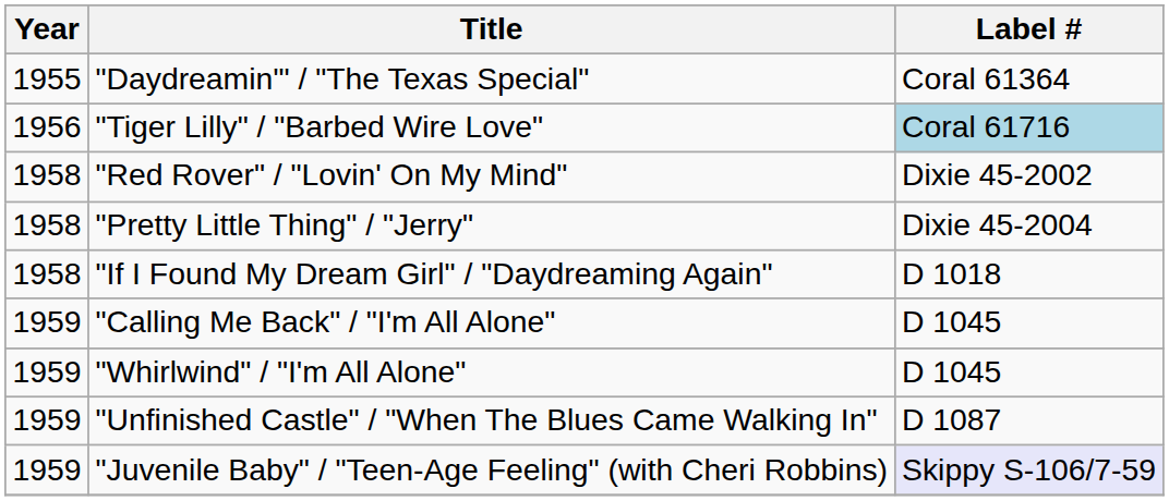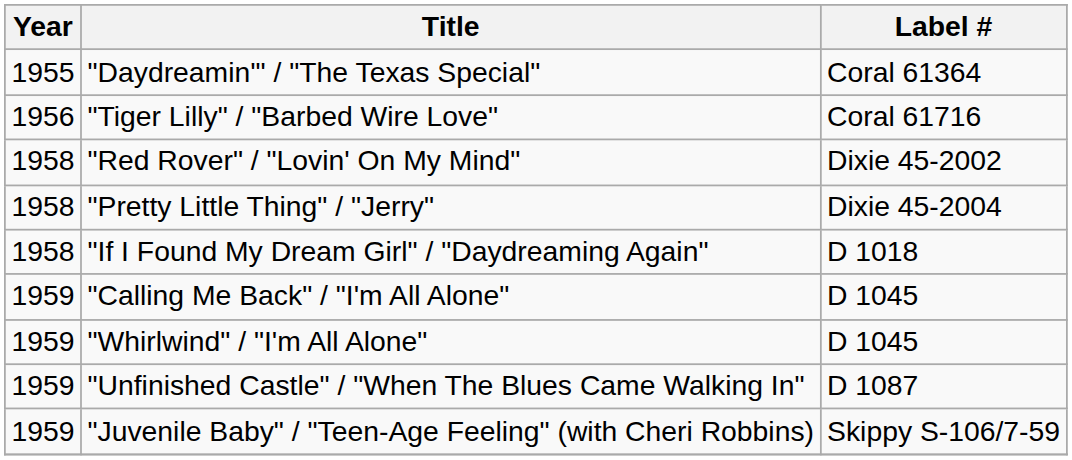 <table class="wikitable">
 <tr>
 <th>Year</th>
 <th>Title</th>
 <th>Label #</th>
 </tr>
 <tr>
 <td>1955</td>
 <td>"Daydreamin'" / "The Texas Special"</td>
 <td>Coral 61364</td>
 </tr>
 <tr>
 <td>1956</td>
 <td>"Tiger Lilly" / "Barbed Wire Love"</td>
-<td style="background: lightblue;">Coral 61716</td>
+<td>Coral 61716</td>
 </tr>
 <tr>
 <td>1958</td>
 <td>"Red Rover" / "Lovin' On My Mind"</td>
 <td>Dixie 45-2002</td>
 </tr>
 <tr>
 <td>1958</td>
 <td>"Pretty Little Thing" / "Jerry"</td>
 <td>Dixie 45-2004</td>
 </tr>
 <tr>
 <td>1958</td>
 <td>"If I Found My Dream Girl" / "Daydreaming Again"</td>
 <td>D 1018</td>
 </tr>
 <tr>
 <td>1959</td>
 <td>"Calling Me Back" / "I'm All Alone"</td>
 <td>D 1045</td>
 </tr>
 <tr>
 <td>1959</td>
 <td>"Whirlwind" / "I'm All Alone"</td>
 <td>D 1045</td>
 </tr>
 <tr>
 <td>1959</td>
 <td>"Unfinished Castle" / "When The Blues Came Walking In"</td>
 <td>D 1087</td>
 </tr>
 <tr>
 <td>1959</td>
 <td>"Juvenile Baby" / "Teen-Age Feeling" (with Cheri Robbins)</td>
-<td style="background: lavender;">Skippy S-106/7-59</td>
+<td>Skippy S-106/7-59</td>
 </tr>
 <tr>
 </tr>
 </table>
